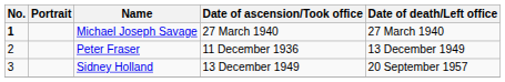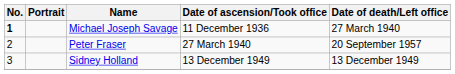 <table class="wikitable">
 <tr>
 <th>No.</th>
 <th>Portrait</th>
 <th>Name</th>
 <th>Date of ascension/Took office</th>
 <th>Date of death/Left office</th>
 </tr>
 <tr>
 <td><strong>1</strong></td>
 <td></td>
 <td><a href='#'>Michael Joseph Savage</a></td>
-<td>27 March 1940</td>
+<td>11 December 1936</td>
 <td>27 March 1940</td>
 </tr>
 <tr>
 <td>2</td>
 <td></td>
 <td><a href='#'>Peter Fraser</a></td>
-<td>11 December 1936</td>
-<td>13 December 1949</td>
+<td>27 March 1940</td>
+<td>20 September 1957</td>
 </tr>
 <tr>
 <td>3</td>
 <td></td>
 <td><a href='#'>Sidney Holland</a></td>
 <td>13 December 1949</td>
-<td>20 September 1957</td>
+<td>13 December 1949</td>
 </tr>
 <tr>
 </tr>
 </table>
